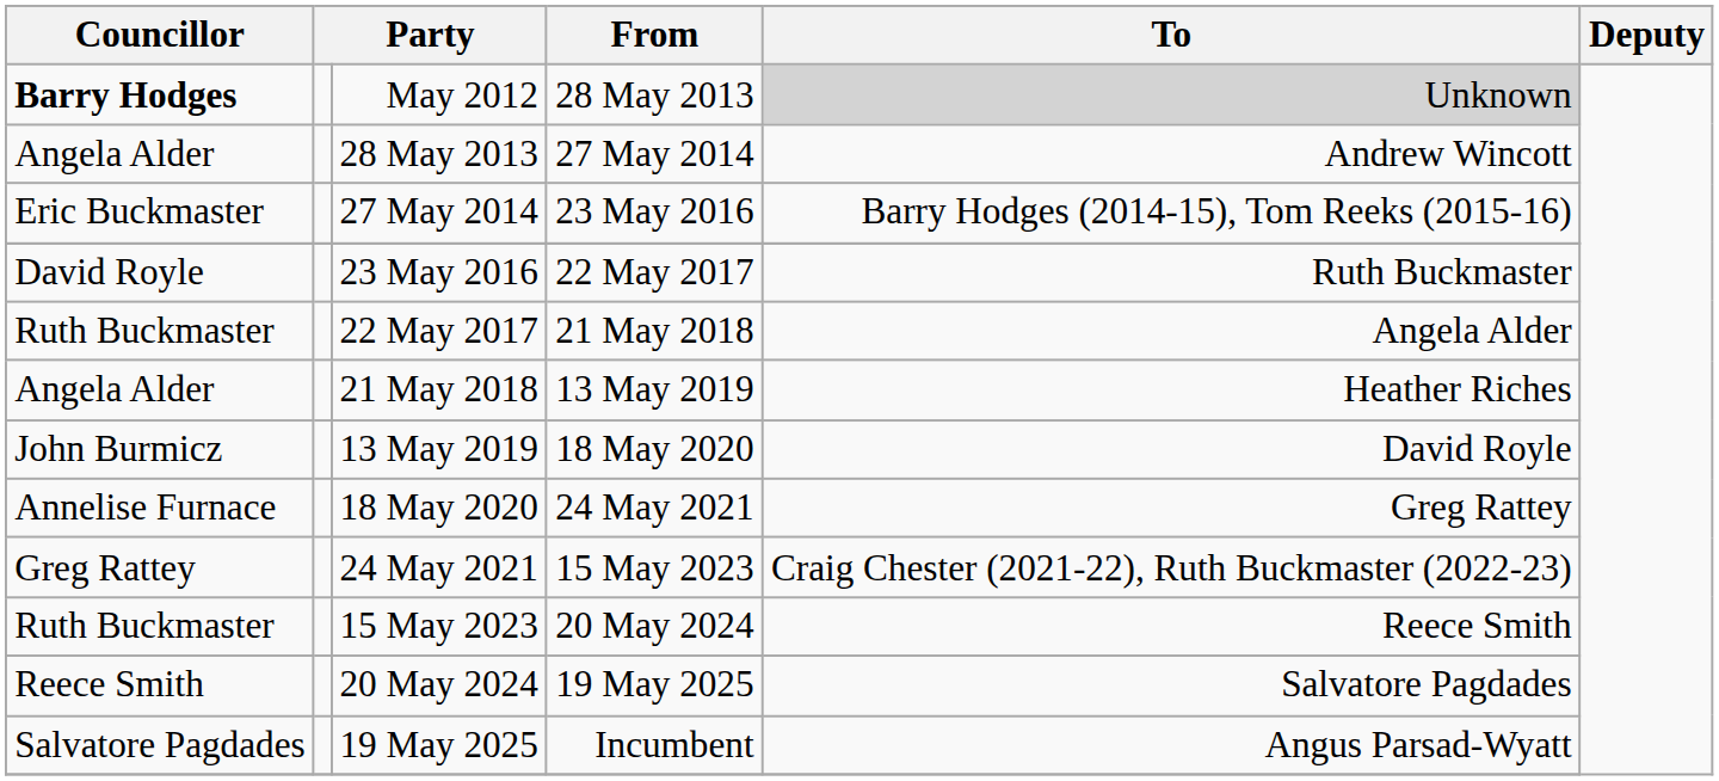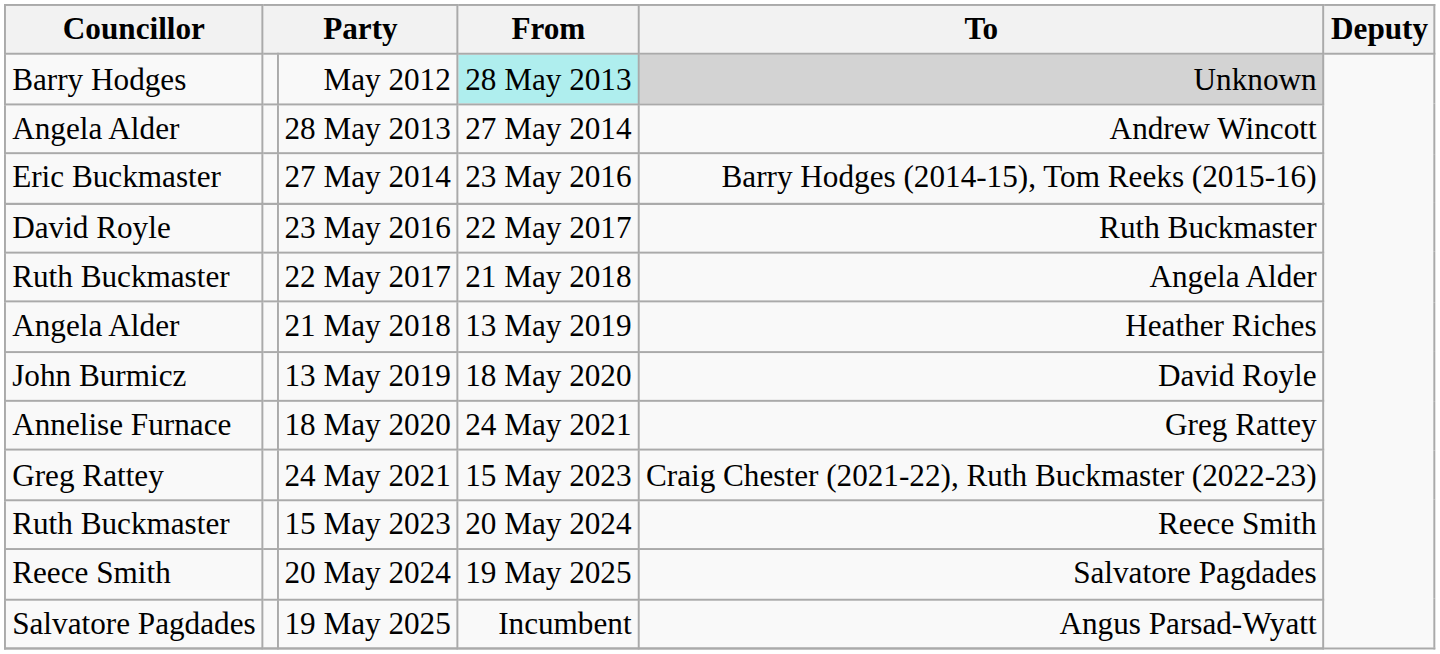 <table class=wikitable>
 <tr>
 <th>Councillor</th>
 <th colspan=2>Party</th>
 <th>From</th>
 <th>To</th>
 <th>Deputy</th>
 </tr>
 <tr>
-<td><strong>Barry Hodges</strong></td>
+<td>Barry Hodges</td>
 <td></td>
 <td align=right>May 2012</td>
-<td align=right>28 May 2013</td>
+<td align=right style="background: paleturquoise;">28 May 2013</td>
 <td align=right style="background: lightgrey;">Unknown</td>
 </tr>
 <tr>
 <td>Angela Alder</td>
 <td></td>
 <td align=right>28 May 2013</td>
 <td align=right>27 May 2014</td>
 <td align=right>Andrew Wincott</td>
 </tr>
 <tr>
 <td>Eric Buckmaster</td>
 <td></td>
 <td align=right>27 May 2014</td>
 <td align=right>23 May 2016</td>
 <td align=right>Barry Hodges (2014-15), Tom Reeks (2015-16)</td>
 </tr>
 <tr>
 </tr>
 <tr>
 <td>David Royle</td>
 <td></td>
 <td align=right>23 May 2016</td>
 <td align=right>22 May 2017</td>
 <td align=right>Ruth Buckmaster</td>
 </tr>
 <tr>
 <td>Ruth Buckmaster</td>
 <td></td>
 <td align=right>22 May 2017</td>
 <td align=right>21 May 2018</td>
 <td align=right>Angela Alder</td>
 </tr>
 <tr>
 <td>Angela Alder</td>
 <td></td>
 <td align=right>21 May 2018</td>
 <td align=right>13 May 2019</td>
 <td align=right>Heather Riches</td>
 </tr>
 <tr>
 <td>John Burmicz</td>
 <td></td>
 <td align=right>13 May 2019</td>
 <td align=right>18 May 2020</td>
 <td align=right>David Royle</td>
 </tr>
 <tr>
 <td>Annelise Furnace</td>
 <td></td>
 <td align=right>18 May 2020</td>
 <td align=right>24 May 2021</td>
 <td align=right>Greg Rattey</td>
 </tr>
 <tr>
 <td>Greg Rattey</td>
 <td></td>
 <td align=right>24 May 2021</td>
 <td align=right>15 May 2023</td>
 <td align=right>Craig Chester (2021-22), Ruth Buckmaster (2022-23)</td>
 </tr>
 <tr>
 <td>Ruth Buckmaster</td>
 <td></td>
 <td align=right>15 May 2023</td>
 <td align=right>20 May 2024</td>
 <td align=right>Reece Smith</td>
 </tr>
 <tr>
 <td>Reece Smith</td>
 <td></td>
 <td align=right>20 May 2024</td>
 <td align=right>19 May 2025</td>
 <td align=right>Salvatore Pagdades</td>
 </tr>
 <tr>
 <td>Salvatore Pagdades</td>
 <td></td>
 <td align=right>19 May 2025</td>
 <td align=right>Incumbent</td>
 <td align=right>Angus Parsad-Wyatt</td>
 </tr>
 <tr>
 </tr>
 </table>
